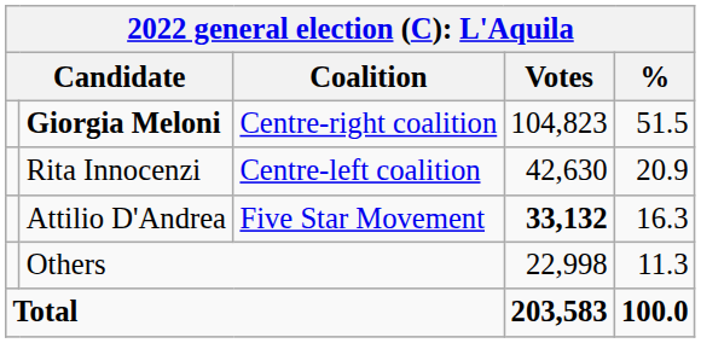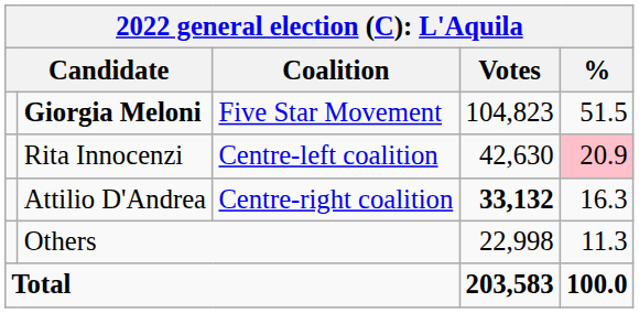 <table class="wikitable" style="text-align: right">
 <tr>
 <th colspan="5"><a href='#'>2022 general election</a> (<a href='#'>C</a>): <a href='#'>L'Aquila</a></th>
 </tr>
 <tr>
 <th colspan="2">Candidate</th>
 <th>Coalition</th>
 <th>Votes</th>
 <th>%</th>
 </tr>
 <tr>
 <td></td>
 <td align="left"><strong>Giorgia Meloni</strong></td>
-<td align="left"><a href='#'>Centre-right coalition</a></td>
+<td align="left"><a href='#'>Five Star Movement</a></td>
 <td>104,823</td>
 <td>51.5</td>
 </tr>
 <tr>
 <td></td>
 <td align="left">Rita Innocenzi</td>
 <td align="left"><a href='#'>Centre-left coalition</a></td>
 <td>42,630</td>
-<td>20.9</td>
+<td style="background: pink;">20.9</td>
 </tr>
 <tr>
 <td></td>
 <td align="left">Attilio D'Andrea</td>
-<td align="left"><a href='#'>Five Star Movement</a></td>
+<td align="left"><a href='#'>Centre-right coalition</a></td>
 <td><strong>33,132</strong></td>
 <td>16.3</td>
 </tr>
 <tr>
 <td></td>
 <td align="left" colspan="2">Others</td>
 <td>22,998</td>
 <td>11.3</td>
 </tr>
 <tr>
 <td align="left" colspan="3"><strong>Total</strong></td>
 <td><strong>203,583</strong></td>
 <td><strong>100.0</strong></td>
 </tr>
 </table>
